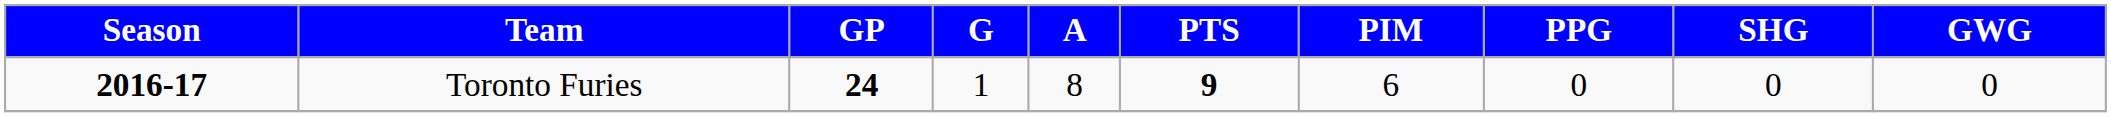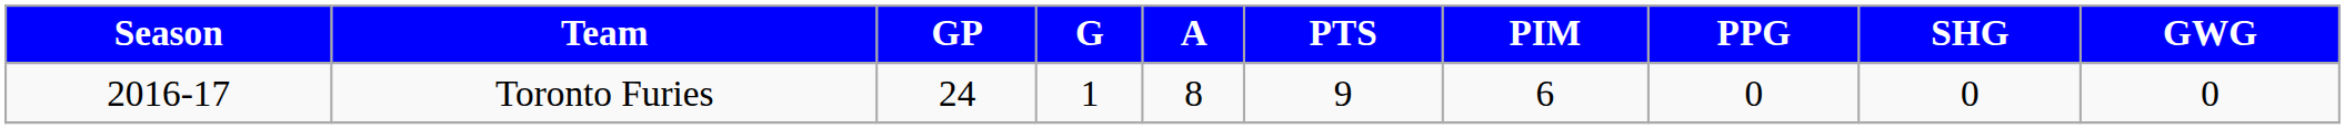 <table class="wikitable" style="width:80%;">
 <tr style="text-align:center; background:blue; color:white;">
 <td><strong>Season</strong></td>
 <td><strong>Team</strong></td>
 <td><strong>GP</strong></td>
 <td><strong>G</strong></td>
 <td><strong>A</strong></td>
 <td><strong>PTS</strong></td>
 <td><strong>PIM</strong></td>
 <td><strong>PPG</strong></td>
 <td><strong>SHG</strong></td>
 <td><strong>GWG</strong></td>
 </tr>
 <tr style="text-align:center;" bgcolor="">
-<td><strong>2016-17</strong></td>
+<td>2016-17</td>
 <td>Toronto Furies</td>
-<td><strong>24</strong></td>
+<td>24</td>
 <td>1</td>
 <td>8</td>
-<td><strong>9</strong></td>
+<td>9</td>
 <td>6</td>
 <td>0</td>
 <td>0</td>
 <td>0</td>
 </tr>
 <tr style="text-align:center;" bgcolor="">
 </tr>
 </table>
